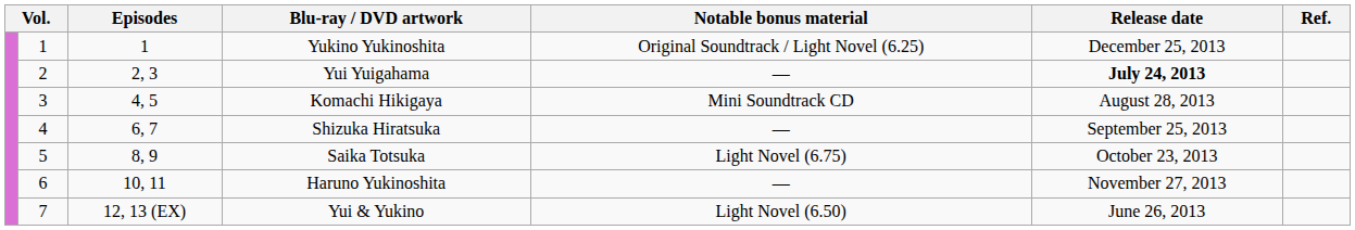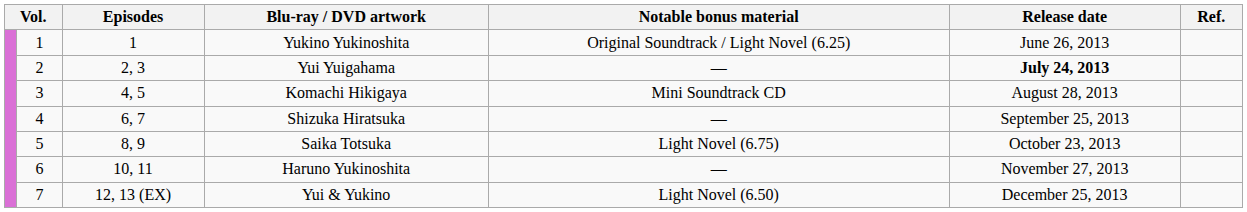 <table class="wikitable" style="text-align: center; width: 98%;">
 <tr>
 <th colspan="2">Vol.</th>
 <th>Episodes</th>
 <th>Blu-ray / DVD artwork</th>
 <th>Notable bonus material</th>
 <th>Release date</th>
 <th width="5%">Ref.</th>
 </tr>
 <tr>
 <td rowspan="10" width="1%" style="background: Orchid;"></td>
 <td>1</td>
 <td>1</td>
 <td>Yukino Yukinoshita</td>
 <td>Original Soundtrack / Light Novel (6.25)</td>
-<td>December 25, 2013</td>
+<td>June 26, 2013</td>
 <td></td>
 </tr>
 <tr>
 <td>2</td>
 <td>2, 3</td>
 <td>Yui Yuigahama</td>
 <td>—</td>
 <td><strong>July 24, 2013</strong></td>
 <td></td>
 </tr>
 <tr>
 <td>3</td>
 <td>4, 5</td>
 <td>Komachi Hikigaya</td>
 <td>Mini Soundtrack CD</td>
 <td>August 28, 2013</td>
 <td></td>
 </tr>
 <tr>
 <td>4</td>
 <td>6, 7</td>
 <td>Shizuka Hiratsuka</td>
 <td>—</td>
 <td>September 25, 2013</td>
 <td></td>
 </tr>
 <tr>
 <td>5</td>
 <td>8, 9</td>
 <td>Saika Totsuka</td>
 <td>Light Novel (6.75)</td>
 <td>October 23, 2013</td>
 <td></td>
 </tr>
 <tr>
 <td>6</td>
 <td>10, 11</td>
 <td>Haruno Yukinoshita</td>
 <td>—</td>
 <td>November 27, 2013</td>
 <td></td>
 </tr>
 <tr>
 <td>7</td>
 <td>12, 13 (EX)</td>
 <td>Yui & Yukino</td>
 <td>Light Novel (6.50)</td>
-<td>June 26, 2013</td>
+<td>December 25, 2013</td>
 <td></td>
 </tr>
 </table>
